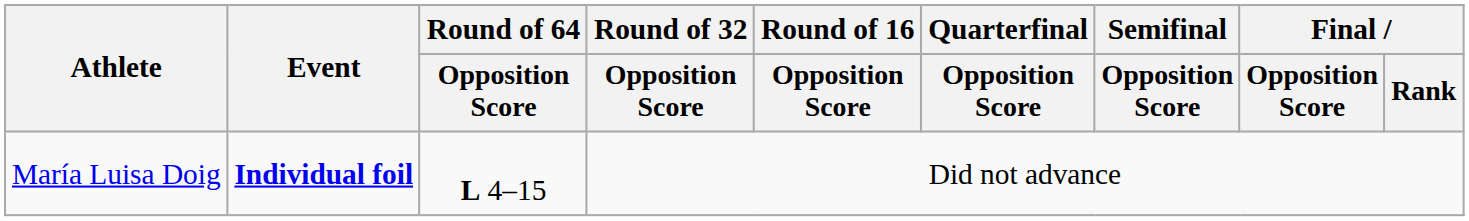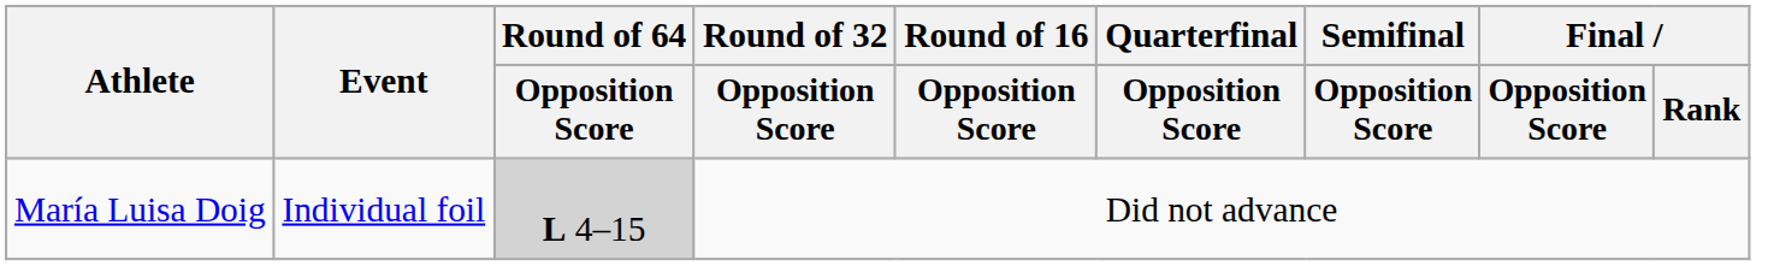 <table class="wikitable" style="font-size:90%">
 <tr>
 <th rowspan="2">Athlete</th>
 <th rowspan="2">Event</th>
 <th>Round of 64</th>
 <th>Round of 32</th>
 <th>Round of 16</th>
 <th>Quarterfinal</th>
 <th>Semifinal</th>
 <th colspan=2>Final / </th>
 </tr>
 <tr style="font-size:95%">
 <th>Opposition <br> Score</th>
 <th>Opposition <br> Score</th>
 <th>Opposition <br> Score</th>
 <th>Opposition <br> Score</th>
 <th>Opposition <br> Score</th>
 <th>Opposition <br> Score</th>
 <th>Rank</th>
 </tr>
 <tr align=center>
 <td align=left><a href='#'>María Luisa Doig</a></td>
-<td align=left><strong><a href='#'>Individual foil</a></strong></td>
-<td><br><strong>L</strong> 4–15</td>
+<td align=left><a href='#'>Individual foil</a></td>
+<td style="background: lightgrey;"><br><strong>L</strong> 4–15</td>
 <td colspan=6>Did not advance</td>
 </tr>
 </table>
